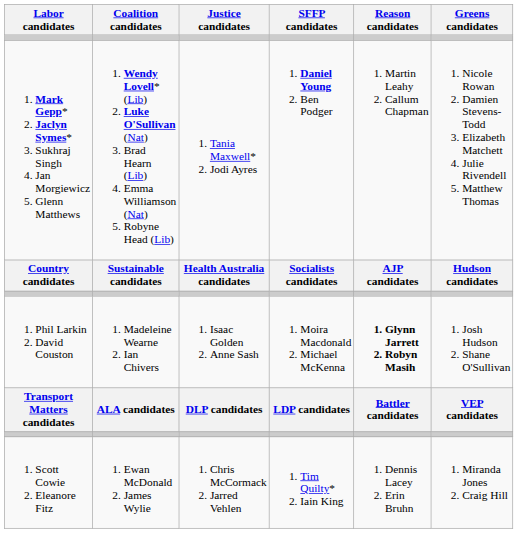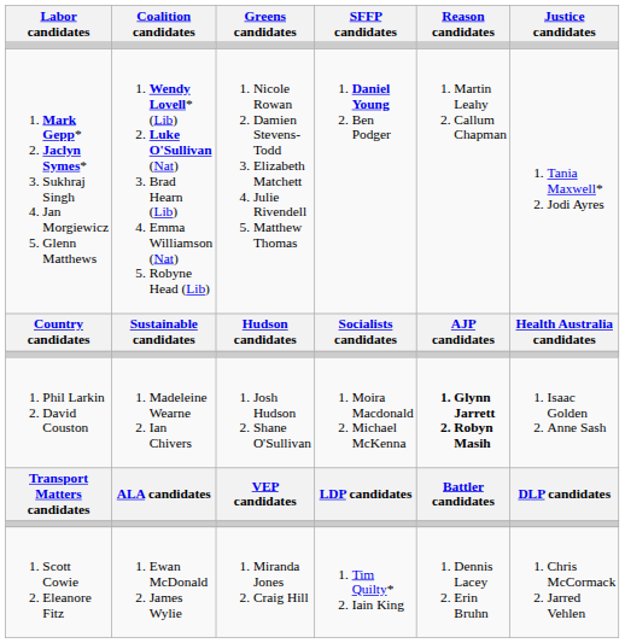 <table class="wikitable">
 <tr>
 <th><a href='#'>Labor</a> candidates</th>
 <th><a href='#'>Coalition</a> candidates</th>
-<th><a href='#'>Justice</a> candidates</th>
+<th><a href='#'>Greens</a> candidates</th>
 <th><a href='#'>SFFP</a> candidates</th>
 <th><a href='#'>Reason</a> candidates</th>
-<th><a href='#'>Greens</a> candidates</th>
+<th><a href='#'>Justice</a> candidates</th>
 </tr>
 <tr bgcolor="#cccccc">
 <td></td>
 <td></td>
 <td></td>
 <td></td>
 <td></td>
 <td></td>
 </tr>
 <tr>
 <td><br><ol><li><strong><a href='#'>Mark Gepp</a></strong>*</li><li><strong><a href='#'>Jaclyn Symes</a></strong>*</li><li>Sukhraj Singh</li><li>Jan Morgiewicz</li><li>Glenn Matthews</li></ol></td>
 <td><br><ol><li><strong><a href='#'>Wendy Lovell</a></strong>* (<a href='#'>Lib</a>)</li><li><strong><a href='#'>Luke O'Sullivan</a></strong> (<a href='#'>Nat</a>)</li><li>Brad Hearn (<a href='#'>Lib</a>)</li><li>Emma Williamson (<a href='#'>Nat</a>)</li><li>Robyne Head (<a href='#'>Lib</a>)</li></ol></td>
-<td><br><ol><li><a href='#'>Tania Maxwell</a>*</li><li>Jodi Ayres</li></ol></td>
+<td valign=top><br><ol><li>Nicole Rowan</li><li>Damien Stevens-Todd</li><li>Elizabeth Matchett</li><li>Julie Rivendell</li><li>Matthew Thomas</li></ol></td>
 <td valign=top><br><ol><li><strong><a href='#'>Daniel Young</a></strong></li><li>Ben Podger</li></ol></td>
 <td valign=top><br><ol><li>Martin Leahy</li><li>Callum Chapman</li></ol></td>
-<td valign=top><br><ol><li>Nicole Rowan</li><li>Damien Stevens-Todd</li><li>Elizabeth Matchett</li><li>Julie Rivendell</li><li>Matthew Thomas</li></ol></td>
+<td><br><ol><li><a href='#'>Tania Maxwell</a>*</li><li>Jodi Ayres</li></ol></td>
 </tr>
 <tr bgcolor="#cccccc">
 <th><a href='#'>Country</a> candidates</th>
 <th><a href='#'>Sustainable</a> candidates</th>
-<th><a href='#'>Health Australia</a> candidates</th>
+<th><a href='#'>Hudson</a> candidates</th>
 <th><a href='#'>Socialists</a> candidates</th>
 <th><a href='#'>AJP</a> candidates</th>
-<th><a href='#'>Hudson</a> candidates</th>
+<th><a href='#'>Health Australia</a> candidates</th>
 </tr>
 <tr bgcolor="#cccccc">
 <td></td>
 <td></td>
 <td></td>
 <td></td>
 <td></td>
 <td></td>
 </tr>
 <tr>
 <td valign=top><br><ol><li>Phil Larkin</li><li>David Couston</li></ol></td>
 <td valign=top><br><ol><li>Madeleine Wearne</li><li>Ian Chivers</li></ol></td>
-<td valign=top><br><ol><li>Isaac Golden</li><li>Anne Sash</li></ol></td>
+<td valign=top><br><ol><li>Josh Hudson</li><li>Shane O'Sullivan</li></ol></td>
 <td valign=top><br><ol><li>Moira Macdonald</li><li>Michael McKenna</li></ol></td>
 <td valign=top><strong><br><ol><li>Glynn Jarrett</li><li>Robyn Masih</li></ol></strong></td>
-<td valign=top><br><ol><li>Josh Hudson</li><li>Shane O'Sullivan</li></ol></td>
+<td valign=top><br><ol><li>Isaac Golden</li><li>Anne Sash</li></ol></td>
 </tr>
 <tr bgcolor="#cccccc">
 <th><a href='#'>Transport Matters</a> candidates</th>
 <th><a href='#'>ALA</a> candidates</th>
-<th><a href='#'>DLP</a> candidates</th>
+<th><a href='#'>VEP</a> candidates</th>
 <th><a href='#'>LDP</a> candidates</th>
 <th><a href='#'>Battler</a> candidates</th>
-<th><a href='#'>VEP</a> candidates</th>
+<th><a href='#'>DLP</a> candidates</th>
 </tr>
 <tr bgcolor="#cccccc">
 <td></td>
 <td></td>
 <td></td>
 <td></td>
 <td></td>
 <td></td>
 </tr>
 <tr>
 <td valign=top><br><ol><li>Scott Cowie</li><li>Eleanore Fitz</li></ol></td>
 <td valign=top><br><ol><li>Ewan McDonald</li><li>James Wylie</li></ol></td>
-<td valign=top><br><ol><li>Chris McCormack</li><li>Jarred Vehlen</li></ol></td>
+<td valign=top><br><ol><li>Miranda Jones</li><li>Craig Hill</li></ol></td>
 <td><br><ol><li><a href='#'>Tim Quilty</a>*</li><li>Iain King</li></ol></td>
 <td valign=top><br><ol><li>Dennis Lacey</li><li>Erin Bruhn</li></ol></td>
-<td valign=top><br><ol><li>Miranda Jones</li><li>Craig Hill</li></ol></td>
+<td valign=top><br><ol><li>Chris McCormack</li><li>Jarred Vehlen</li></ol></td>
 </tr>
 </table>
